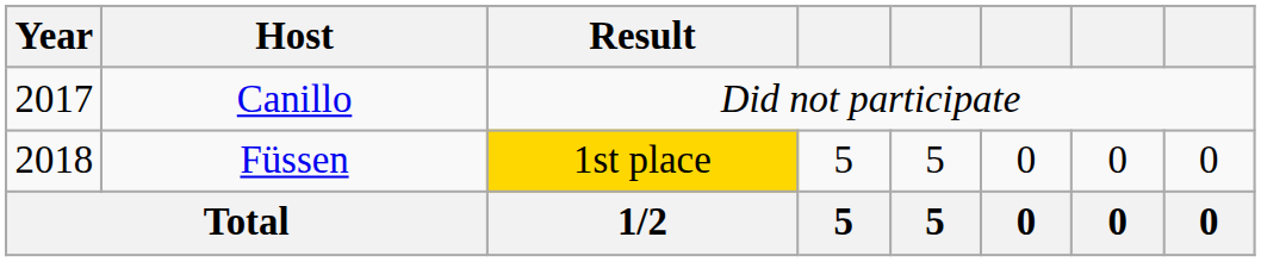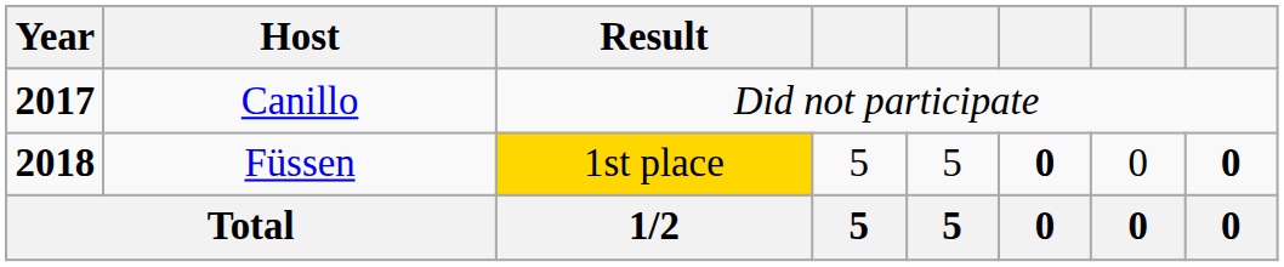 <table class="wikitable" style="text-align:center">
 <tr>
 <th width=30>Year</th>
 <th width=150>Host</th>
 <th width=120>Result</th>
 <th width=30></th>
 <th width=30></th>
 <th width=30></th>
 <th width=30></th>
 <th width=30></th>
 </tr>
 <tr>
-<td>2017</td>
+<td><strong>2017</strong></td>
 <td> <a href='#'>Canillo</a></td>
 <td colspan=6><em>Did not participate</em></td>
 </tr>
 <tr>
-<td>2018</td>
+<td><strong>2018</strong></td>
 <td> <a href='#'>Füssen</a></td>
 <td bgcolor="#ffd700"> 1st place</td>
 <td>5</td>
 <td>5</td>
+<td><strong>0</strong></td>
 <td>0</td>
-<td>0</td>
-<td>0</td>
+<td><strong>0</strong></td>
 </tr>
 <tr>
 <th colspan=2>Total</th>
 <th>1/2</th>
 <th>5</th>
 <th>5</th>
 <th>0</th>
 <th>0</th>
 <th>0</th>
 </tr>
 </table>
